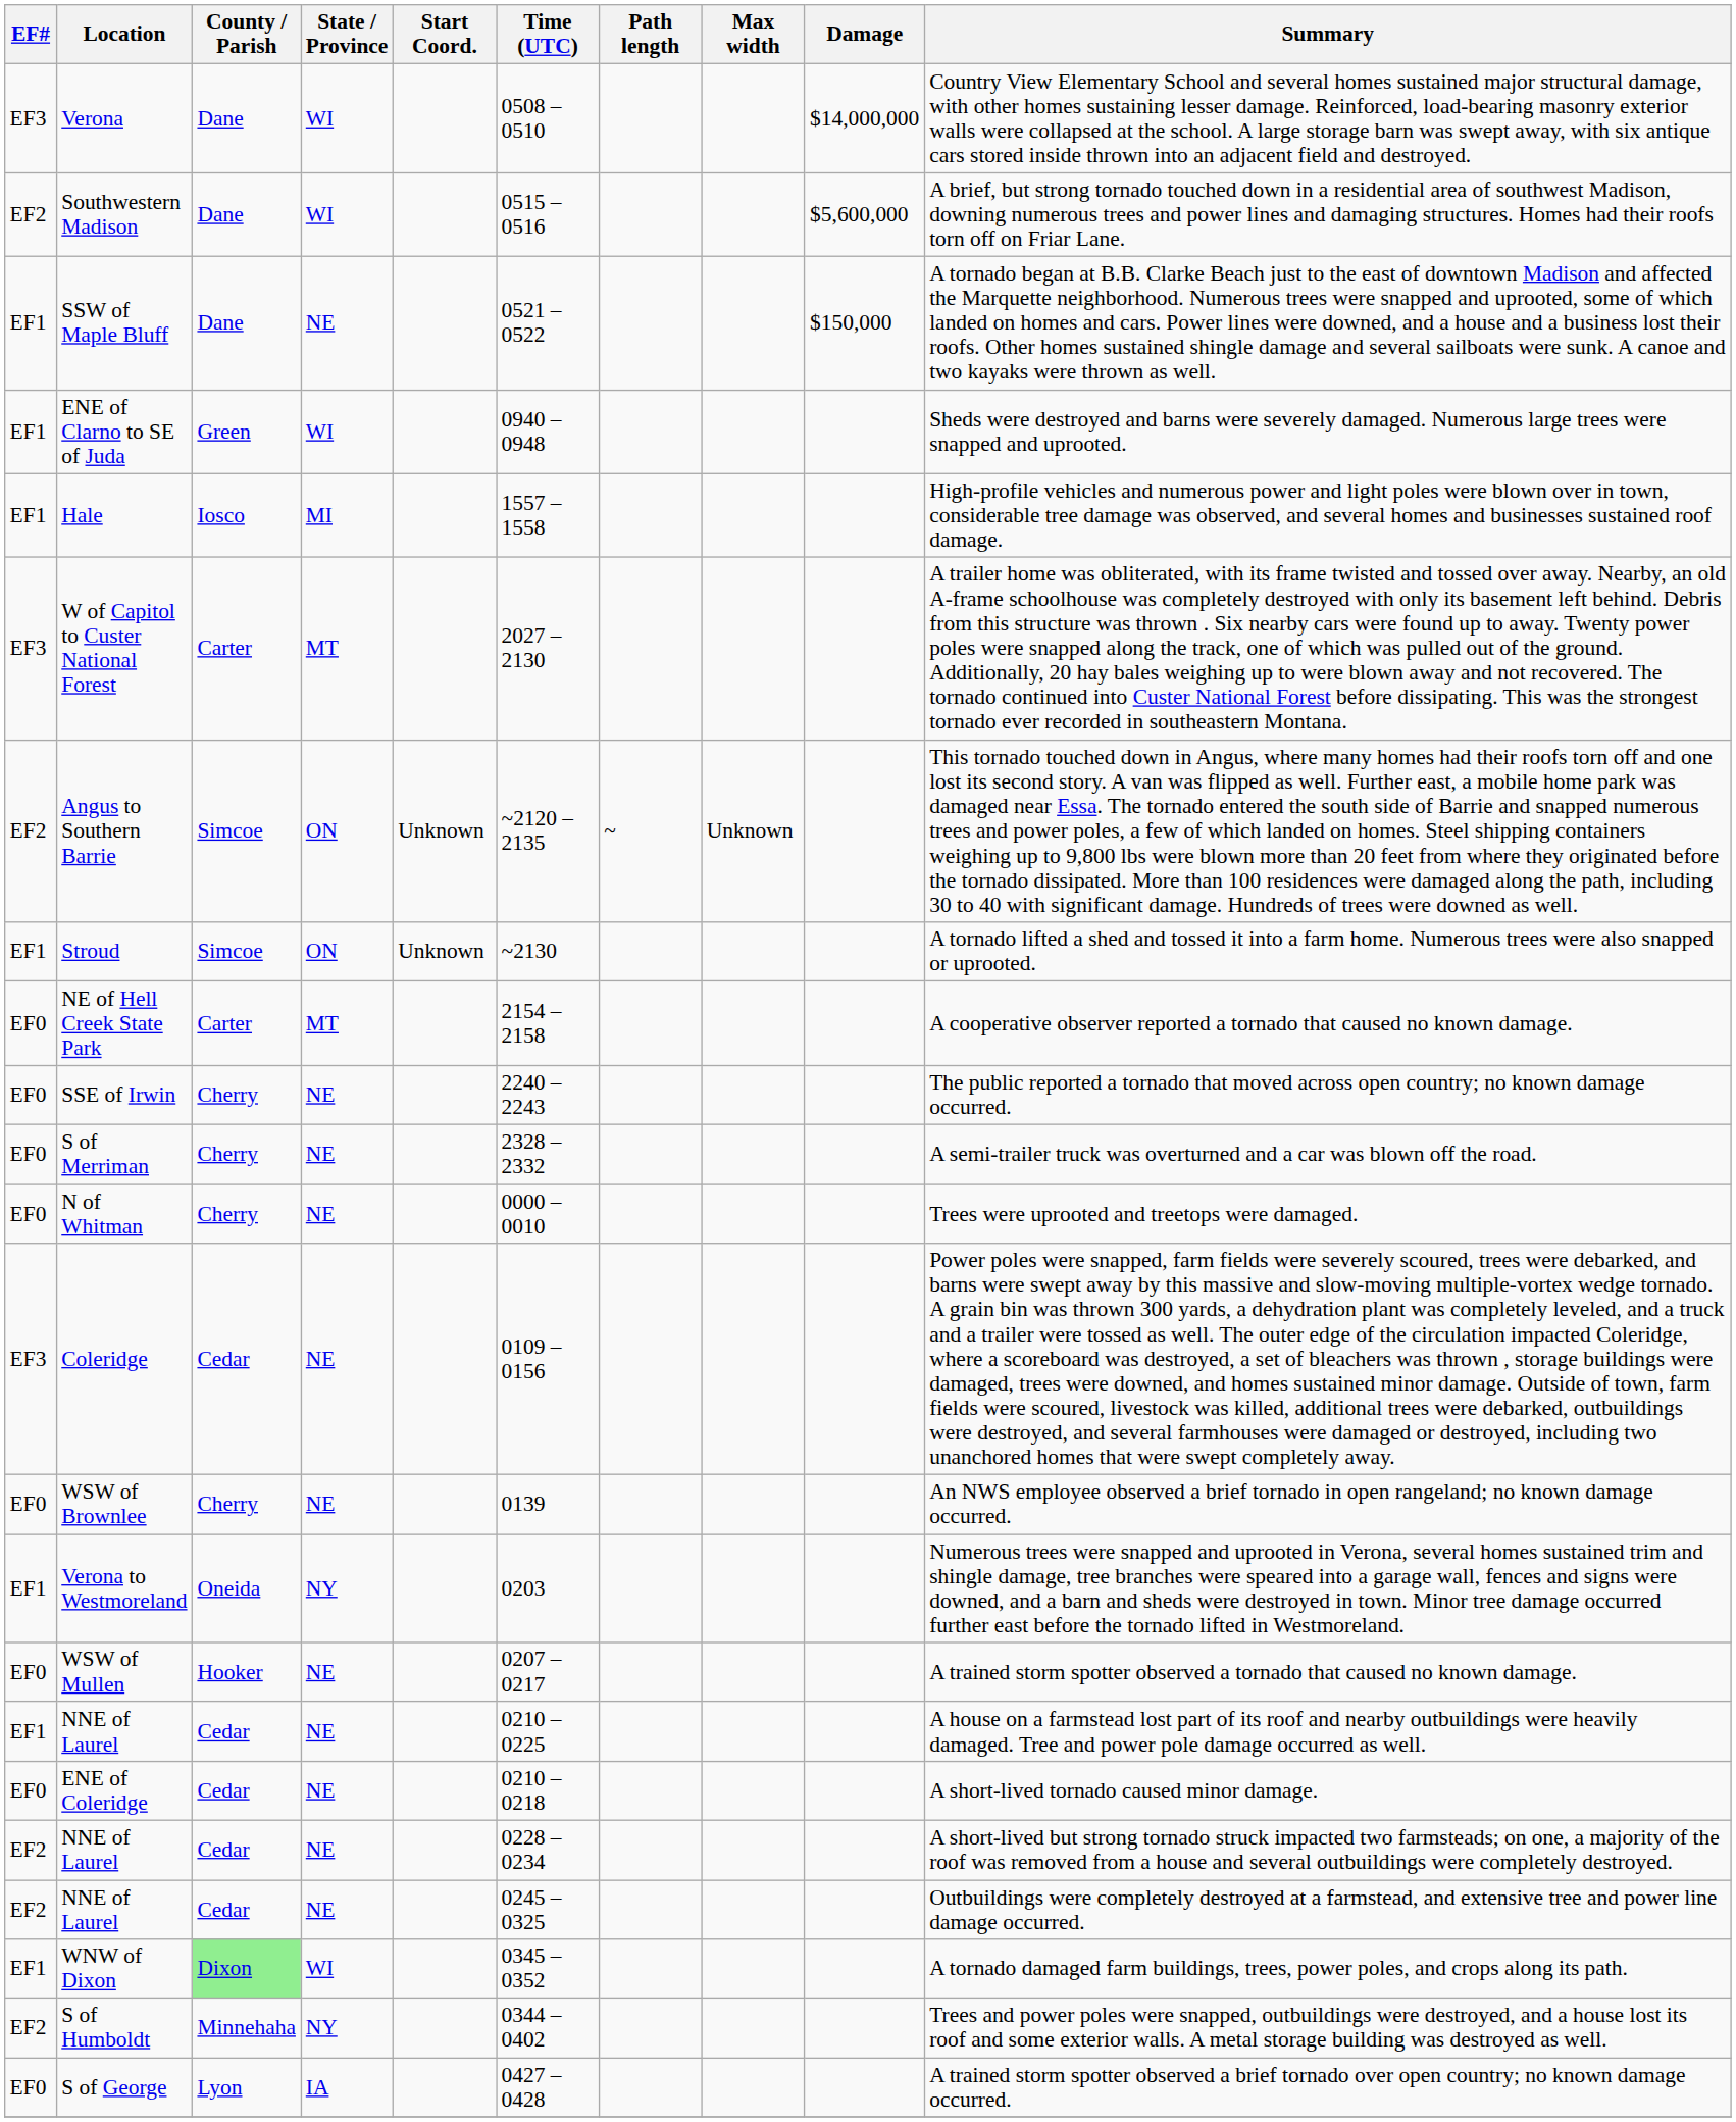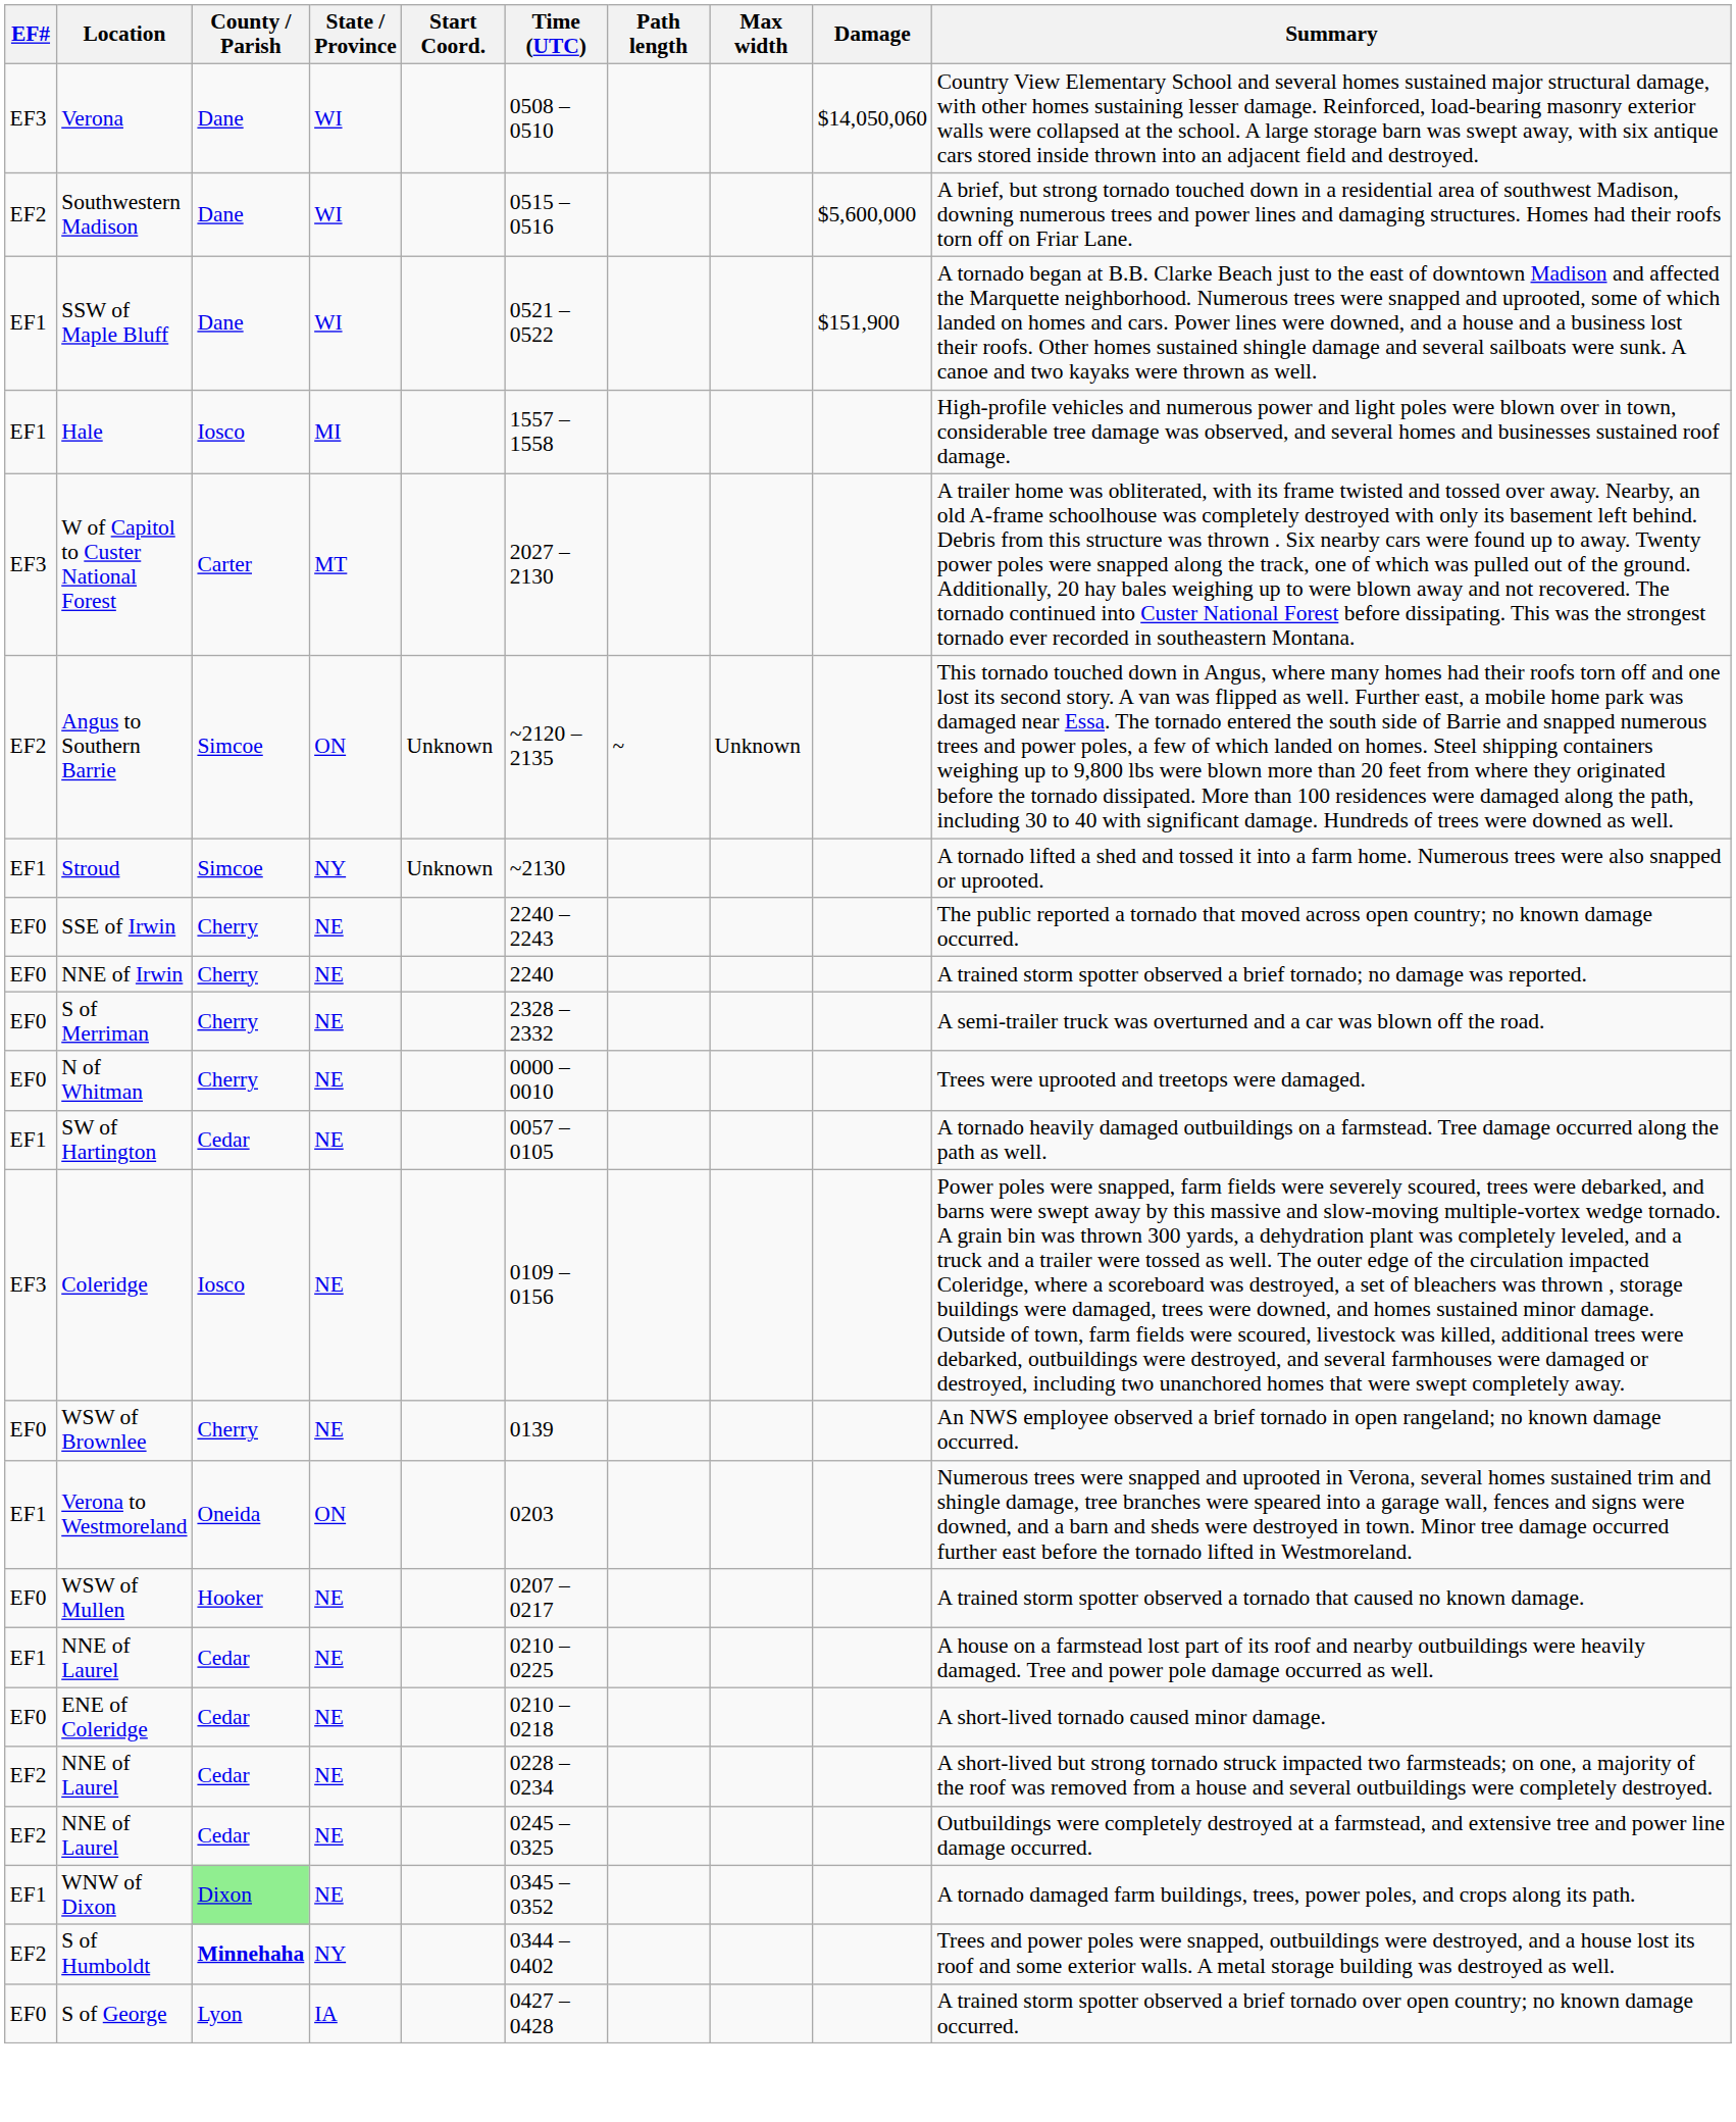 <table class="wikitable sortable" style="width:100%;">
 <tr>
 <th scope="col" width="3%" align="center"><a href='#'>EF#</a></th>
 <th scope="col" width="7%" align="center" class="unsortable">Location</th>
 <th scope="col" width="6%" align="center" class="unsortable">County / Parish</th>
 <th scope="col" width="5%" align="center">State / Province</th>
 <th scope="col" width="6%" align="center">Start Coord.</th>
 <th scope="col" width="6%" align="center">Time (<a href='#'>UTC</a>)</th>
 <th scope="col" width="6%" align="center">Path length</th>
 <th scope="col" width="6%" align="center">Max width</th>
 <th scope="col" width="6%" align="center">Damage</th>
 <th scope="col" width="48%" class="unsortable" align="center">Summary</th>
 </tr>
 <tr>
 <td>EF3</td>
 <td><a href='#'>Verona</a></td>
 <td><a href='#'>Dane</a></td>
 <td><a href='#'>WI</a></td>
 <td></td>
 <td>0508 – 0510</td>
 <td></td>
 <td></td>
-<td>$14,000,000</td>
+<td>$14,050,060</td>
 <td>Country View Elementary School and several homes sustained major structural damage, with other homes sustaining lesser damage. Reinforced, load-bearing masonry exterior walls were collapsed at the school. A large storage barn was swept away, with six antique cars stored inside thrown into an adjacent field and destroyed.</td>
 </tr>
 <tr>
 <td>EF2</td>
 <td>Southwestern <a href='#'>Madison</a></td>
 <td><a href='#'>Dane</a></td>
 <td><a href='#'>WI</a></td>
 <td></td>
 <td>0515 – 0516</td>
 <td></td>
 <td></td>
 <td>$5,600,000</td>
 <td>A brief, but strong tornado touched down in a residential area of southwest Madison, downing numerous trees and power lines and damaging structures. Homes had their roofs torn off on Friar Lane.</td>
 </tr>
 <tr>
 <td>EF1</td>
 <td>SSW of <a href='#'>Maple Bluff</a></td>
 <td><a href='#'>Dane</a></td>
-<td><a href='#'>NE</a></td>
+<td><a href='#'>WI</a></td>
 <td></td>
 <td>0521 – 0522</td>
 <td></td>
 <td></td>
-<td>$150,000</td>
+<td>$151,900</td>
 <td>A tornado began at B.B. Clarke Beach just to the east of downtown <a href='#'>Madison</a> and affected the Marquette neighborhood. Numerous trees were snapped and uprooted, some of which landed on homes and cars. Power lines were downed, and a house and a business lost their roofs. Other homes sustained shingle damage and several sailboats were sunk. A canoe and two kayaks were thrown as well.</td>
-</tr>
-<tr>
-<td>EF1</td>
-<td>ENE of <a href='#'>Clarno</a> to SE of <a href='#'>Juda</a></td>
-<td><a href='#'>Green</a></td>
-<td><a href='#'>WI</a></td>
-<td></td>
-<td>0940 – 0948</td>
-<td></td>
-<td></td>
-<td></td>
-<td>Sheds were destroyed and barns were severely damaged. Numerous large trees were snapped and uprooted.</td>
 </tr>
 <tr>
 <td>EF1</td>
 <td><a href='#'>Hale</a></td>
 <td><a href='#'>Iosco</a></td>
 <td><a href='#'>MI</a></td>
 <td></td>
 <td>1557 – 1558</td>
 <td></td>
 <td></td>
 <td></td>
 <td>High-profile vehicles and numerous power and light poles were blown over in town, considerable tree damage was observed, and several homes and businesses sustained roof damage.</td>
 </tr>
 <tr>
 <td>EF3</td>
 <td>W of <a href='#'>Capitol</a> to <a href='#'>Custer National Forest</a></td>
 <td><a href='#'>Carter</a></td>
 <td><a href='#'>MT</a></td>
 <td></td>
 <td>2027 – 2130</td>
 <td></td>
 <td></td>
 <td></td>
 <td>A trailer home was obliterated, with its frame twisted and tossed over  away. Nearby, an old A-frame schoolhouse was completely destroyed with only its basement left behind. Debris from this structure was thrown . Six nearby cars were found up to  away. Twenty power poles were snapped along the track, one of which was pulled out of the ground. Additionally, 20 hay bales weighing up to  were blown away and not recovered. The tornado continued into <a href='#'>Custer National Forest</a> before dissipating. This was the strongest tornado ever recorded in southeastern Montana.</td>
 </tr>
 <tr>
 <td>EF2</td>
 <td><a href='#'>Angus</a> to Southern <a href='#'>Barrie</a></td>
 <td><a href='#'>Simcoe</a></td>
 <td><a href='#'>ON</a></td>
 <td>Unknown</td>
 <td>~2120 – 2135</td>
 <td>~</td>
 <td>Unknown</td>
 <td></td>
 <td>This tornado touched down in Angus, where many homes had their roofs torn off and one lost its second story. A van was flipped as well. Further east, a mobile home park was damaged near <a href='#'>Essa</a>. The tornado entered the south side of Barrie and snapped numerous trees and power poles, a few of which landed on homes. Steel shipping containers weighing up to 9,800 lbs were blown more than 20 feet from where they originated before the tornado dissipated. More than 100 residences were damaged along the path, including 30 to 40 with significant damage. Hundreds of trees were downed as well.</td>
 </tr>
 <tr>
 <td>EF1</td>
 <td><a href='#'>Stroud</a></td>
 <td><a href='#'>Simcoe</a></td>
-<td><a href='#'>ON</a></td>
+<td><a href='#'>NY</a></td>
 <td>Unknown</td>
 <td>~2130</td>
 <td></td>
 <td></td>
 <td></td>
 <td>A tornado lifted a  shed and tossed it  into a farm home. Numerous trees were also snapped or uprooted.</td>
-</tr>
-<tr>
-<td>EF0</td>
-<td>NE of <a href='#'>Hell Creek State Park</a></td>
-<td><a href='#'>Carter</a></td>
-<td><a href='#'>MT</a></td>
-<td></td>
-<td>2154 – 2158</td>
-<td></td>
-<td></td>
-<td></td>
-<td>A cooperative observer reported a tornado that caused no known damage.</td>
 </tr>
 <tr>
 <td>EF0</td>
 <td>SSE of <a href='#'>Irwin</a></td>
 <td><a href='#'>Cherry</a></td>
 <td><a href='#'>NE</a></td>
 <td></td>
 <td>2240 – 2243</td>
 <td></td>
 <td></td>
 <td></td>
 <td>The public reported a tornado that moved across open country; no known damage occurred.</td>
+</tr>
+<tr>
+<td>EF0</td>
+<td>NNE of <a href='#'>Irwin</a></td>
+<td><a href='#'>Cherry</a></td>
+<td><a href='#'>NE</a></td>
+<td></td>
+<td>2240</td>
+<td></td>
+<td></td>
+<td></td>
+<td>A trained storm spotter observed a brief tornado; no damage was reported.</td>
 </tr>
 <tr>
 <td>EF0</td>
 <td>S of <a href='#'>Merriman</a></td>
 <td><a href='#'>Cherry</a></td>
 <td><a href='#'>NE</a></td>
 <td></td>
 <td>2328 – 2332</td>
 <td></td>
 <td></td>
 <td></td>
 <td>A semi-trailer truck was overturned and a car was blown off the road.</td>
 </tr>
 <tr>
 <td>EF0</td>
 <td>N of <a href='#'>Whitman</a></td>
 <td><a href='#'>Cherry</a></td>
 <td><a href='#'>NE</a></td>
 <td></td>
 <td>0000 – 0010</td>
 <td></td>
 <td></td>
 <td></td>
 <td>Trees were uprooted and treetops were damaged.</td>
 </tr>
 <tr>
+<td>EF1</td>
+<td>SW of <a href='#'>Hartington</a></td>
+<td><a href='#'>Cedar</a></td>
+<td><a href='#'>NE</a></td>
+<td></td>
+<td>0057 – 0105</td>
+<td></td>
+<td></td>
+<td></td>
+<td>A tornado heavily damaged outbuildings on a farmstead. Tree damage occurred along the path as well.</td>
+</tr>
+<tr>
 <td>EF3</td>
 <td><a href='#'>Coleridge</a></td>
-<td><a href='#'>Cedar</a></td>
+<td><a href='#'>Iosco</a></td>
 <td><a href='#'>NE</a></td>
 <td></td>
 <td>0109 – 0156</td>
 <td></td>
 <td></td>
 <td></td>
 <td>Power poles were snapped, farm fields were severely scoured, trees were debarked, and barns were swept away by this massive and slow-moving multiple-vortex wedge tornado. A grain bin was thrown 300 yards, a dehydration plant was completely leveled, and a truck and a trailer were tossed as well. The outer edge of the circulation impacted Coleridge, where a scoreboard was destroyed, a set of bleachers was thrown , storage buildings were damaged, trees were downed, and homes sustained minor damage. Outside of town, farm fields were scoured, livestock was killed, additional trees were debarked, outbuildings were destroyed, and several farmhouses were damaged or destroyed, including two unanchored homes that were swept completely away.</td>
 </tr>
 <tr>
 <td>EF0</td>
 <td>WSW of <a href='#'>Brownlee</a></td>
 <td><a href='#'>Cherry</a></td>
 <td><a href='#'>NE</a></td>
 <td></td>
 <td>0139</td>
 <td></td>
 <td></td>
 <td></td>
 <td>An NWS employee observed a brief tornado in open rangeland; no known damage occurred.</td>
 </tr>
 <tr>
 <td>EF1</td>
 <td><a href='#'>Verona</a> to <a href='#'>Westmoreland</a></td>
 <td><a href='#'>Oneida</a></td>
-<td><a href='#'>NY</a></td>
+<td><a href='#'>ON</a></td>
 <td></td>
 <td>0203</td>
 <td></td>
 <td></td>
 <td></td>
 <td>Numerous trees were snapped and uprooted in Verona, several homes sustained trim and shingle damage, tree branches were speared into a garage wall, fences and signs were downed, and a barn and sheds were destroyed in town. Minor tree damage occurred further east before the tornado lifted in Westmoreland.</td>
 </tr>
 <tr>
 <td>EF0</td>
 <td>WSW of <a href='#'>Mullen</a></td>
 <td><a href='#'>Hooker</a></td>
 <td><a href='#'>NE</a></td>
 <td></td>
 <td>0207 – 0217</td>
 <td></td>
 <td></td>
 <td></td>
 <td>A trained storm spotter observed a tornado that caused no known damage.</td>
 </tr>
 <tr>
 <td>EF1</td>
 <td>NNE of <a href='#'>Laurel</a></td>
 <td><a href='#'>Cedar</a></td>
 <td><a href='#'>NE</a></td>
 <td></td>
 <td>0210 – 0225</td>
 <td></td>
 <td></td>
 <td></td>
 <td>A house on a farmstead lost part of its roof and nearby outbuildings were heavily damaged. Tree and power pole damage occurred as well.</td>
 </tr>
 <tr>
 <td>EF0</td>
 <td>ENE of <a href='#'>Coleridge</a></td>
 <td><a href='#'>Cedar</a></td>
 <td><a href='#'>NE</a></td>
 <td></td>
 <td>0210 – 0218</td>
 <td></td>
 <td></td>
 <td></td>
 <td>A short-lived tornado caused minor damage.</td>
 </tr>
 <tr>
 <td>EF2</td>
 <td>NNE of <a href='#'>Laurel</a></td>
 <td><a href='#'>Cedar</a></td>
 <td><a href='#'>NE</a></td>
 <td></td>
 <td>0228 – 0234</td>
 <td></td>
 <td></td>
 <td></td>
 <td>A short-lived but strong tornado struck impacted two farmsteads; on one, a majority of the roof was removed from a house and several outbuildings were completely destroyed.</td>
 </tr>
 <tr>
 <td>EF2</td>
 <td>NNE of <a href='#'>Laurel</a></td>
 <td><a href='#'>Cedar</a></td>
 <td><a href='#'>NE</a></td>
 <td></td>
 <td>0245 – 0325</td>
 <td></td>
 <td></td>
 <td></td>
 <td>Outbuildings were completely destroyed at a farmstead, and extensive tree and power line damage occurred.</td>
 </tr>
 <tr>
 <td>EF1</td>
 <td>WNW of <a href='#'>Dixon</a></td>
 <td style="background: lightgreen;"><a href='#'>Dixon</a></td>
-<td><a href='#'>WI</a></td>
+<td><a href='#'>NE</a></td>
 <td></td>
 <td>0345 – 0352</td>
 <td></td>
 <td></td>
 <td></td>
 <td>A tornado damaged farm buildings, trees, power poles, and crops along its path.</td>
 </tr>
 <tr>
 <td>EF2</td>
 <td>S of <a href='#'>Humboldt</a></td>
-<td><a href='#'>Minnehaha</a></td>
+<td><strong><a href='#'>Minnehaha</a></strong></td>
 <td><a href='#'>NY</a></td>
 <td></td>
 <td>0344 – 0402</td>
 <td></td>
 <td></td>
 <td></td>
 <td>Trees and power poles were snapped, outbuildings were destroyed, and a house lost its roof and some exterior walls. A metal storage building was destroyed as well.</td>
 </tr>
 <tr>
 <td>EF0</td>
 <td>S of <a href='#'>George</a></td>
 <td><a href='#'>Lyon</a></td>
 <td><a href='#'>IA</a></td>
 <td></td>
 <td>0427 – 0428</td>
 <td></td>
 <td></td>
 <td></td>
 <td>A trained storm spotter observed a brief tornado over open country; no known damage occurred.</td>
 </tr>
 <tr>
 </tr>
 </table>
